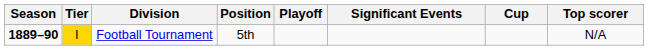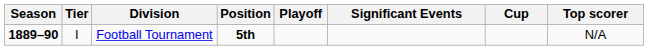 <table class="wikitable"  style="text-align:center; width:800px;">
 <tr>
 <th style="width:65px;">Season</th>
 <th style="width:25px;">Tier</th>
 <th style="width:150px;">Division</th>
 <th style="width:60px;">Position</th>
 <th style="width:60px;">Playoff</th>
 <th style="width:190px;">Significant Events</th>
 <th style="width:70px;">Cup</th>
 <th colspan="2" style="width:180px;">Top scorer</th>
 </tr>
 <tr>
 <td><strong>1889–90</strong></td>
-<td style="background: gold;">I</td>
+<td>I</td>
 <td><a href='#'>Football Tournament</a></td>
-<td>5th</td>
+<td><strong>5th</strong></td>
 <td></td>
 <td></td>
 <td></td>
 <td colspan=2 rowspan=6>N/A</td>
 </tr>
 </table>
